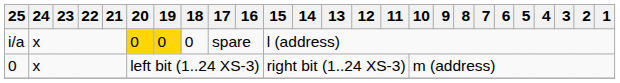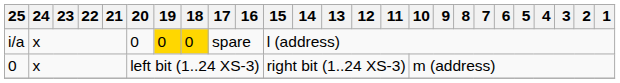 <table class="wikitable">
 <tr>
 <th>25</th>
 <th>24</th>
 <th>23</th>
 <th>22</th>
 <th>21</th>
 <th>20</th>
 <th>19</th>
 <th>18</th>
 <th>17</th>
 <th>16</th>
 <th>15</th>
 <th>14</th>
 <th>13</th>
 <th>12</th>
 <th>11</th>
 <th>10</th>
 <th> 9</th>
 <th> 8</th>
 <th> 7</th>
 <th> 6</th>
 <th> 5</th>
 <th> 4</th>
 <th> 3</th>
 <th> 2</th>
 <th> 1</th>
 </tr>
 <tr>
 <td>i/a</td>
 <td colspan=4>x</td>
+<td>0</td>
 <td style="background: gold;">0</td>
 <td style="background: gold;">0</td>
-<td>0</td>
 <td colspan=2>spare</td>
 <td colspan=15>l (address)</td>
 </tr>
 <tr>
 <td>0</td>
 <td colspan=4>x</td>
 <td colspan=5>left bit (1..24 XS-3)</td>
 <td colspan=5>right bit (1..24 XS-3)</td>
 <td colspan=10>m (address)</td>
 </tr>
 <tr>
 </tr>
 </table>
